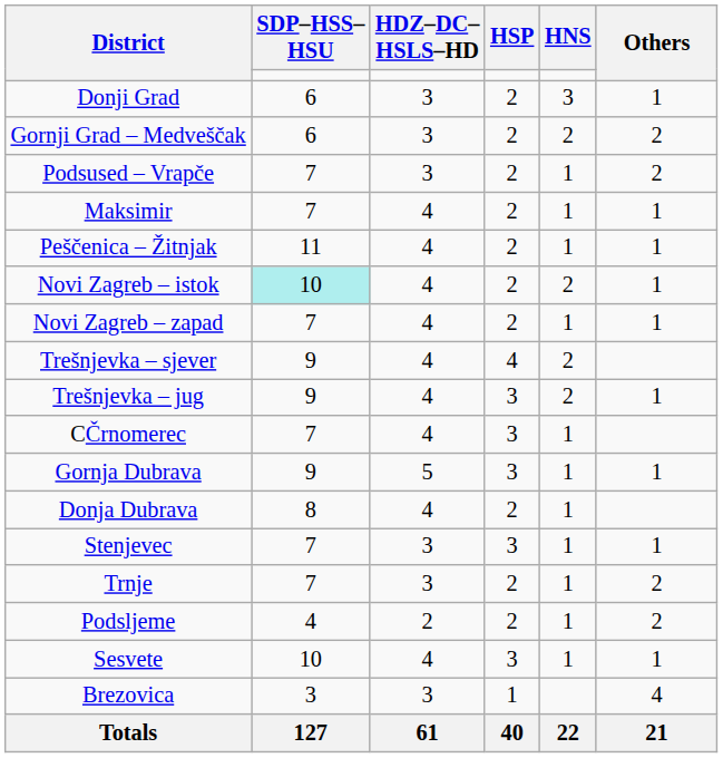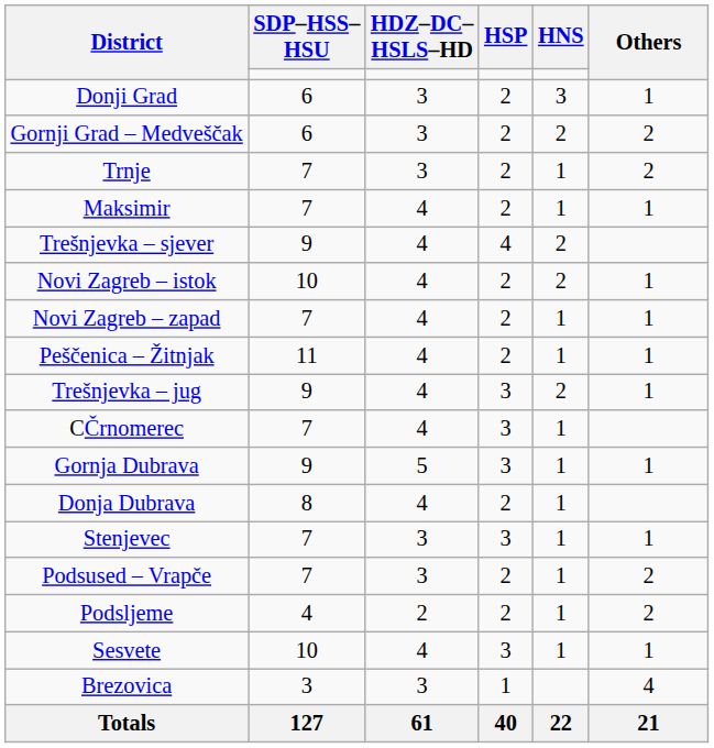 <table class="wikitable" style="text-align:center; font-size:90%;">
 <tr>
 <th rowspan=2><a href='#'>District</a></th>
 <th><a href='#'>SDP</a>–<a href='#'>HSS</a>–<br><a href='#'>HSU</a></th>
 <th><a href='#'>HDZ</a>–<a href='#'>DC</a>–<br><a href='#'>HSLS</a>–HD</th>
 <th><a href='#'>HSP</a></th>
 <th><a href='#'>HNS</a></th>
 <th style="width:70px;" rowspan="2">Others</th>
 </tr>
 <tr>
 <td style="background: "></td>
 <td style="background: "></td>
 <td style="background: "></td>
 <td style="background: "></td>
 </tr>
 <tr>
 <td><a href='#'>Donji Grad</a></td>
 <td>6</td>
 <td>3</td>
 <td>2</td>
 <td>3</td>
 <td>1</td>
 </tr>
 <tr>
 <td><a href='#'>Gornji Grad – Medveščak</a></td>
 <td>6</td>
 <td>3</td>
 <td>2</td>
 <td>2</td>
 <td>2</td>
 </tr>
 <tr>
-<td><a href='#'>Podsused – Vrapče</a></td>
+<td><a href='#'>Trnje</a></td>
 <td>7</td>
 <td>3</td>
 <td>2</td>
 <td>1</td>
 <td>2</td>
 </tr>
 <tr>
 <td><a href='#'>Maksimir</a></td>
 <td>7</td>
 <td>4</td>
 <td>2</td>
 <td>1</td>
 <td>1</td>
 </tr>
 <tr>
-<td><a href='#'>Peščenica – Žitnjak</a></td>
-<td>11</td>
+<td><a href='#'>Trešnjevka – sjever</a></td>
+<td>9</td>
+<td>4</td>
 <td>4</td>
 <td>2</td>
-<td>1</td>
-<td>1</td>
+<td></td>
 </tr>
 <tr>
 <td><a href='#'>Novi Zagreb – istok</a></td>
-<td style="background: paleturquoise;">10</td>
+<td>10</td>
 <td>4</td>
 <td>2</td>
 <td>2</td>
 <td>1</td>
 </tr>
 <tr>
 <td><a href='#'>Novi Zagreb – zapad</a></td>
 <td>7</td>
 <td>4</td>
 <td>2</td>
 <td>1</td>
 <td>1</td>
 </tr>
 <tr>
-<td><a href='#'>Trešnjevka – sjever</a></td>
-<td>9</td>
-<td>4</td>
+<td><a href='#'>Peščenica – Žitnjak</a></td>
+<td>11</td>
 <td>4</td>
 <td>2</td>
-<td></td>
+<td>1</td>
+<td>1</td>
 </tr>
 <tr>
 <td><a href='#'>Trešnjevka – jug</a></td>
 <td>9</td>
 <td>4</td>
 <td>3</td>
 <td>2</td>
 <td>1</td>
 </tr>
 <tr>
 <td><span>C</span><a href='#'>Črnomerec</a></td>
 <td>7</td>
 <td>4</td>
 <td>3</td>
 <td>1</td>
 <td></td>
 </tr>
 <tr>
 <td><a href='#'>Gornja Dubrava</a></td>
 <td>9</td>
 <td>5</td>
 <td>3</td>
 <td>1</td>
 <td>1</td>
 </tr>
 <tr>
 <td><a href='#'>Donja Dubrava</a></td>
 <td>8</td>
 <td>4</td>
 <td>2</td>
 <td>1</td>
 <td></td>
 </tr>
 <tr>
 <td><a href='#'>Stenjevec</a></td>
 <td>7</td>
 <td>3</td>
 <td>3</td>
 <td>1</td>
 <td>1</td>
 </tr>
 <tr>
-<td><a href='#'>Trnje</a></td>
+<td><a href='#'>Podsused – Vrapče</a></td>
 <td>7</td>
 <td>3</td>
 <td>2</td>
 <td>1</td>
 <td>2</td>
 </tr>
 <tr>
 <td><a href='#'>Podsljeme</a></td>
 <td>4</td>
 <td>2</td>
 <td>2</td>
 <td>1</td>
 <td>2</td>
 </tr>
 <tr>
 <td><a href='#'>Sesvete</a></td>
 <td>10</td>
 <td>4</td>
 <td>3</td>
 <td>1</td>
 <td>1</td>
 </tr>
 <tr>
 <td><a href='#'>Brezovica</a></td>
 <td>3</td>
 <td>3</td>
 <td>1</td>
 <td></td>
 <td>4</td>
 </tr>
 <tr>
 <th>Totals</th>
 <th>127</th>
 <th>61</th>
 <th>40</th>
 <th>22</th>
 <th>21</th>
 </tr>
 </table>
